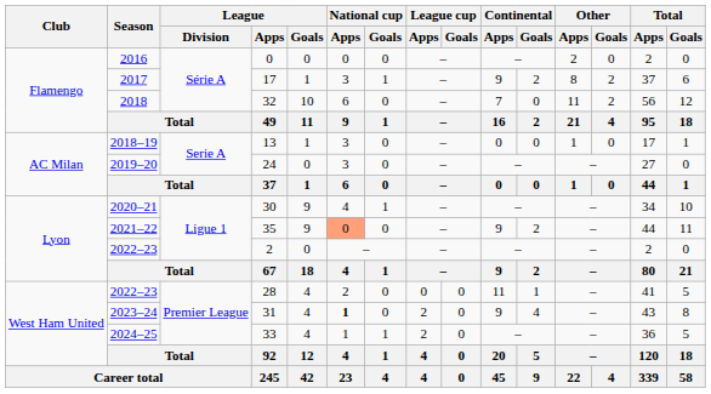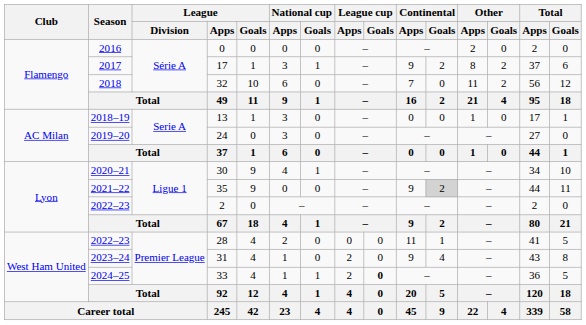 <table class="wikitable" style="text-align:center">
 <tr>
 <th rowspan="2">Club</th>
 <th rowspan="2">Season</th>
 <th colspan="3">League</th>
 <th colspan="2">National cup</th>
 <th colspan="2">League cup</th>
 <th colspan="2">Continental</th>
 <th colspan="2">Other</th>
 <th colspan="2">Total</th>
 </tr>
 <tr>
 <th>Division</th>
 <th>Apps</th>
 <th>Goals</th>
 <th>Apps</th>
 <th>Goals</th>
 <th>Apps</th>
 <th>Goals</th>
 <th>Apps</th>
 <th>Goals</th>
 <th>Apps</th>
 <th>Goals</th>
 <th>Apps</th>
 <th>Goals</th>
 </tr>
 <tr>
 <td rowspan="4"><a href='#'>Flamengo</a></td>
 <td><a href='#'>2016</a></td>
 <td rowspan="3"><a href='#'>Série A</a></td>
 <td>0</td>
 <td>0</td>
 <td>0</td>
 <td>0</td>
 <td colspan="2">–</td>
 <td colspan="2">–</td>
 <td>2</td>
 <td>0</td>
 <td>2</td>
 <td>0</td>
 </tr>
 <tr>
 <td><a href='#'>2017</a></td>
 <td>17</td>
 <td>1</td>
 <td>3</td>
 <td>1</td>
 <td colspan="2">–</td>
 <td>9</td>
 <td>2</td>
 <td>8</td>
 <td>2</td>
 <td>37</td>
 <td>6</td>
 </tr>
 <tr>
 <td><a href='#'>2018</a></td>
 <td>32</td>
 <td>10</td>
 <td>6</td>
 <td>0</td>
 <td colspan="2">–</td>
 <td>7</td>
 <td>0</td>
 <td>11</td>
 <td>2</td>
 <td>56</td>
 <td>12</td>
 </tr>
 <tr>
 <th colspan="2">Total</th>
 <th>49</th>
 <th>11</th>
 <th>9</th>
 <th>1</th>
 <th colspan="2">–</th>
 <th>16</th>
 <th>2</th>
 <th>21</th>
 <th>4</th>
 <th>95</th>
 <th>18</th>
 </tr>
 <tr>
 <td rowspan="3"><a href='#'>AC Milan</a></td>
 <td><a href='#'>2018–19</a></td>
 <td rowspan="2"><a href='#'>Serie A</a></td>
 <td>13</td>
 <td>1</td>
 <td>3</td>
 <td>0</td>
 <td colspan="2">–</td>
 <td>0</td>
 <td>0</td>
 <td>1</td>
 <td>0</td>
 <td>17</td>
 <td>1</td>
 </tr>
 <tr>
 <td><a href='#'>2019–20</a></td>
 <td>24</td>
 <td>0</td>
 <td>3</td>
 <td>0</td>
 <td colspan="2">–</td>
 <td colspan="2">–</td>
 <td colspan="2">–</td>
 <td>27</td>
 <td>0</td>
 </tr>
 <tr>
 <th colspan="2">Total</th>
 <th>37</th>
 <th>1</th>
 <th>6</th>
 <th>0</th>
 <th colspan="2">–</th>
 <th>0</th>
 <th>0</th>
 <th>1</th>
 <th>0</th>
 <th>44</th>
 <th>1</th>
 </tr>
 <tr>
 <td rowspan="4"><a href='#'>Lyon</a></td>
 <td><a href='#'>2020–21</a></td>
 <td rowspan="3"><a href='#'>Ligue 1</a></td>
 <td>30</td>
 <td>9</td>
 <td>4</td>
 <td>1</td>
 <td colspan="2">–</td>
 <td colspan="2">–</td>
 <td colspan="2">–</td>
 <td>34</td>
 <td>10</td>
 </tr>
 <tr>
 <td><a href='#'>2021–22</a></td>
 <td>35</td>
 <td>9</td>
-<td style="background: lightsalmon;">0</td>
+<td>0</td>
 <td>0</td>
 <td colspan="2">–</td>
 <td>9</td>
-<td>2</td>
+<td style="background: lightgrey;">2</td>
 <td colspan="2">–</td>
 <td>44</td>
 <td>11</td>
 </tr>
 <tr>
 <td><a href='#'>2022–23</a></td>
 <td>2</td>
 <td>0</td>
 <td colspan="2">–</td>
 <td colspan="2">–</td>
 <td colspan="2">–</td>
 <td colspan="2">–</td>
 <td>2</td>
 <td>0</td>
 </tr>
 <tr>
 <th colspan="2">Total</th>
 <th>67</th>
 <th>18</th>
 <th>4</th>
 <th>1</th>
 <th colspan="2">–</th>
 <th>9</th>
 <th>2</th>
 <th colspan="2">–</th>
 <th>80</th>
 <th>21</th>
 </tr>
 <tr>
 <td rowspan="4"><a href='#'>West Ham United</a></td>
 <td><a href='#'>2022–23</a></td>
 <td rowspan="3"><a href='#'>Premier League</a></td>
 <td>28</td>
 <td>4</td>
 <td>2</td>
 <td>0</td>
 <td>0</td>
 <td>0</td>
 <td>11</td>
 <td>1</td>
 <td colspan="2">–</td>
 <td>41</td>
 <td>5</td>
 </tr>
 <tr>
 <td><a href='#'>2023–24</a></td>
 <td>31</td>
 <td>4</td>
-<td><strong>1</strong></td>
+<td>1</td>
 <td>0</td>
 <td>2</td>
 <td>0</td>
 <td>9</td>
 <td>4</td>
 <td colspan="2">–</td>
 <td>43</td>
 <td>8</td>
 </tr>
 <tr>
 <td><a href='#'>2024–25</a></td>
 <td>33</td>
 <td>4</td>
 <td>1</td>
 <td>1</td>
 <td>2</td>
-<td>0</td>
+<td><strong>0</strong></td>
 <td colspan="2">–</td>
 <td colspan="2">–</td>
 <td>36</td>
 <td>5</td>
 </tr>
 <tr>
 <th colspan="2">Total</th>
 <th>92</th>
 <th>12</th>
 <th>4</th>
 <th>1</th>
 <th>4</th>
 <th>0</th>
 <th>20</th>
 <th>5</th>
 <th colspan="2">–</th>
 <th>120</th>
 <th>18</th>
 </tr>
 <tr>
 <th colspan="3">Career total</th>
 <th>245</th>
 <th>42</th>
 <th>23</th>
 <th>4</th>
 <th>4</th>
 <th>0</th>
 <th>45</th>
 <th>9</th>
 <th>22</th>
 <th>4</th>
 <th>339</th>
 <th>58</th>
 </tr>
 </table>
